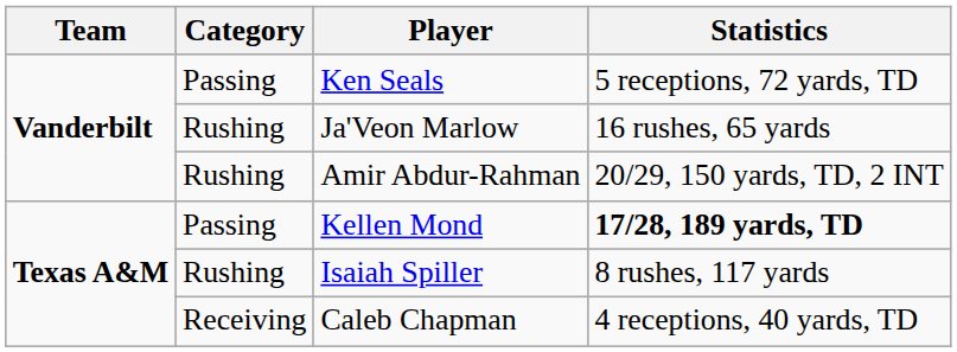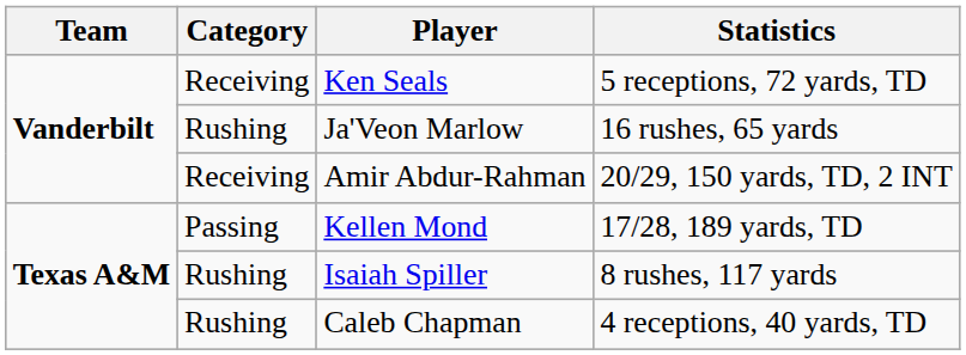 <table class="wikitable" style="float: left;">
 <tr>
 <th>Team</th>
 <th>Category</th>
 <th>Player</th>
 <th>Statistics</th>
 </tr>
 <tr>
 <td rowspan=3><strong>Vanderbilt</strong></td>
-<td>Passing</td>
+<td>Receiving</td>
 <td><a href='#'>Ken Seals</a></td>
 <td>5 receptions, 72 yards, TD</td>
 </tr>
 <tr>
 <td>Rushing</td>
 <td>Ja'Veon Marlow</td>
 <td>16 rushes, 65 yards</td>
 </tr>
 <tr>
-<td>Rushing</td>
+<td>Receiving</td>
 <td>Amir Abdur-Rahman</td>
 <td>20/29, 150 yards, TD, 2 INT</td>
 </tr>
 <tr>
 <td rowspan=3><strong>Texas A&M</strong></td>
 <td>Passing</td>
 <td><a href='#'>Kellen Mond</a></td>
-<td><strong>17/28, 189 yards, TD</strong></td>
+<td>17/28, 189 yards, TD</td>
 </tr>
 <tr>
 <td>Rushing</td>
 <td><a href='#'>Isaiah Spiller</a></td>
 <td>8 rushes, 117 yards</td>
 </tr>
 <tr>
-<td>Receiving</td>
+<td>Rushing</td>
 <td>Caleb Chapman</td>
 <td>4 receptions, 40 yards, TD</td>
 </tr>
 </table>
